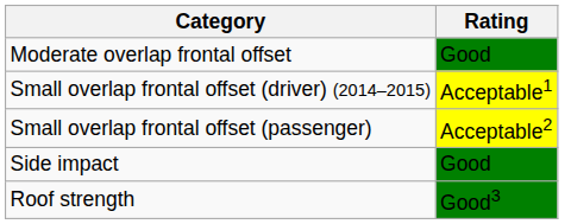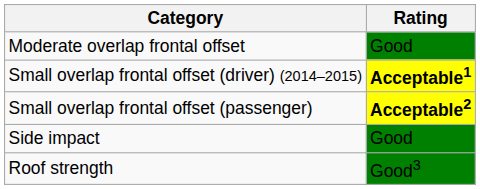 <table class="wikitable">
 <tr>
 <th>Category</th>
 <th>Rating</th>
 </tr>
 <tr>
 <td>Moderate overlap frontal offset</td>
 <td style="background: green">Good</td>
 </tr>
 <tr>
 <td>Small overlap frontal offset (driver) <small>(2014–2015)</small></td>
-<td style="background: yellow">Acceptable<sup>1</sup></td>
+<td style="background: yellow"><strong>Acceptable<sup>1</sup></strong></td>
 </tr>
 <tr>
 <td>Small overlap frontal offset (passenger)</td>
-<td style="background: yellow">Acceptable<sup>2</sup></td>
+<td style="background: yellow"><strong>Acceptable<sup>2</sup></strong></td>
 </tr>
 <tr>
 <td>Side impact</td>
 <td style="background: green">Good</td>
 </tr>
 <tr>
 <td>Roof strength</td>
 <td style="background: green">Good<sup>3</sup></td>
 </tr>
 </table>
